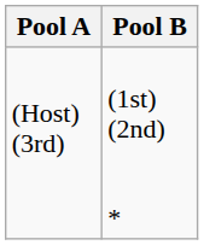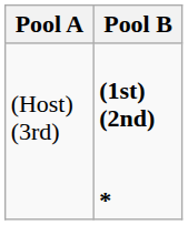 <table class="wikitable">
 <tr>
 <th width=45%>Pool A</th>
 <th width=45%>Pool B</th>
 </tr>
 <tr>
 <td><br> (Host)<br>  (3rd)<br> <br> <br> </td>
-<td><br> (1st)<br>  (2nd)<br> <br> <br> <s></s> *</td>
+<td><strong><br> (1st)<br>  (2nd)<br> <br> <br> <s></s> *</strong></td>
 </tr>
 </table>
